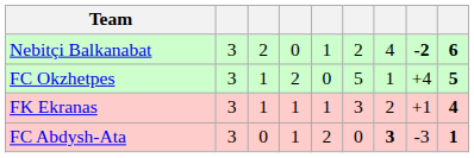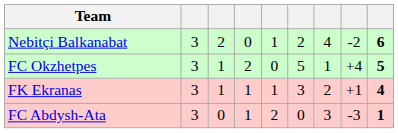 <table class="wikitable" style="text-align: center;">
 <tr>
 <th width="175">Team</th>
 <th width="20"></th>
 <th width="20"></th>
 <th width="20"></th>
 <th width="20"></th>
 <th width="20"></th>
 <th width="20"></th>
 <th width="20"></th>
 <th width="20"></th>
 </tr>
 <tr bgcolor="#ccffcc">
 <td align=left> <a href='#'>Nebitçi Balkanabat</a></td>
 <td>3</td>
 <td>2</td>
 <td>0</td>
 <td>1</td>
 <td>2</td>
 <td>4</td>
-<td><strong>-2</strong></td>
+<td>-2</td>
 <td><strong>6</strong></td>
 </tr>
 <tr bgcolor="#ccffcc">
 <td align=left> <a href='#'>FC Okzhetpes</a></td>
 <td>3</td>
 <td>1</td>
 <td>2</td>
 <td>0</td>
 <td>5</td>
 <td>1</td>
 <td>+4</td>
 <td><strong>5</strong></td>
 </tr>
 <tr bgcolor=#ffcccc>
 <td align=left> <a href='#'>FK Ekranas</a></td>
 <td>3</td>
 <td>1</td>
 <td>1</td>
 <td>1</td>
 <td>3</td>
 <td>2</td>
 <td>+1</td>
 <td><strong>4</strong></td>
 </tr>
 <tr bgcolor=#ffcccc>
 <td align=left> <a href='#'>FC Abdysh-Ata</a></td>
 <td>3</td>
 <td>0</td>
 <td>1</td>
 <td>2</td>
 <td>0</td>
-<td><strong>3</strong></td>
+<td>3</td>
 <td>-3</td>
 <td><strong>1</strong></td>
 </tr>
 </table>
